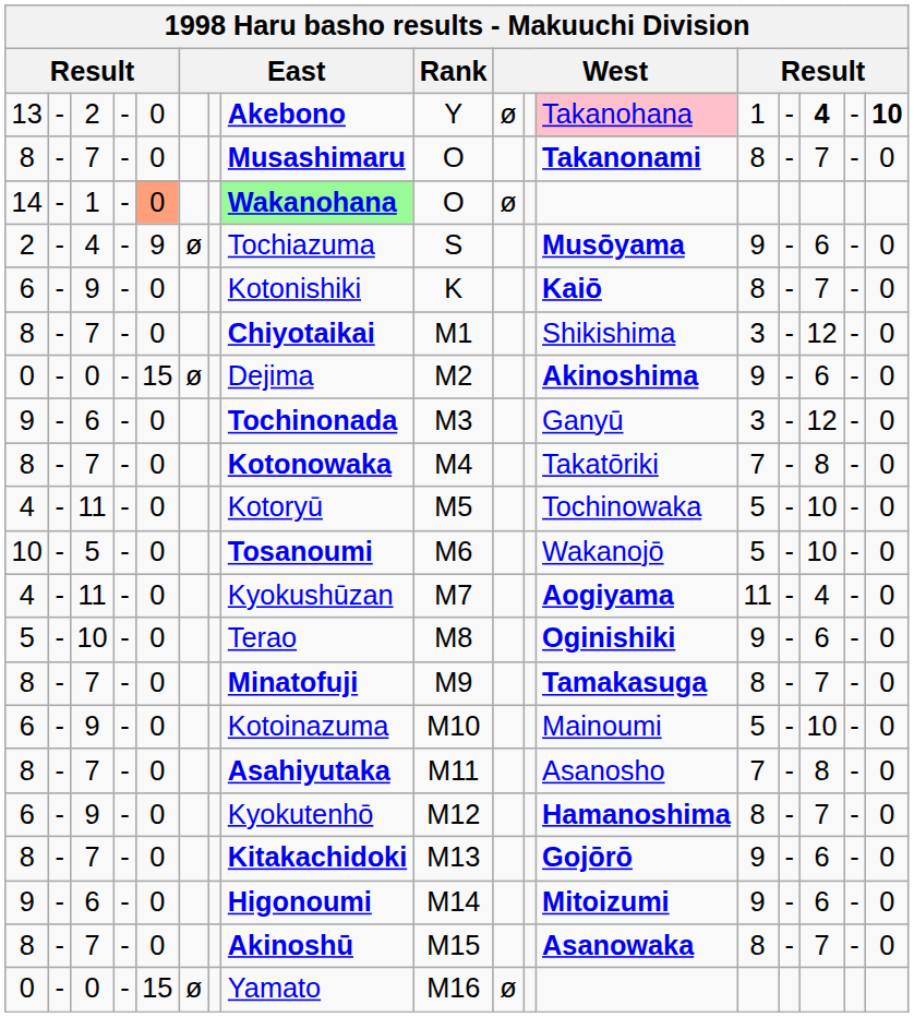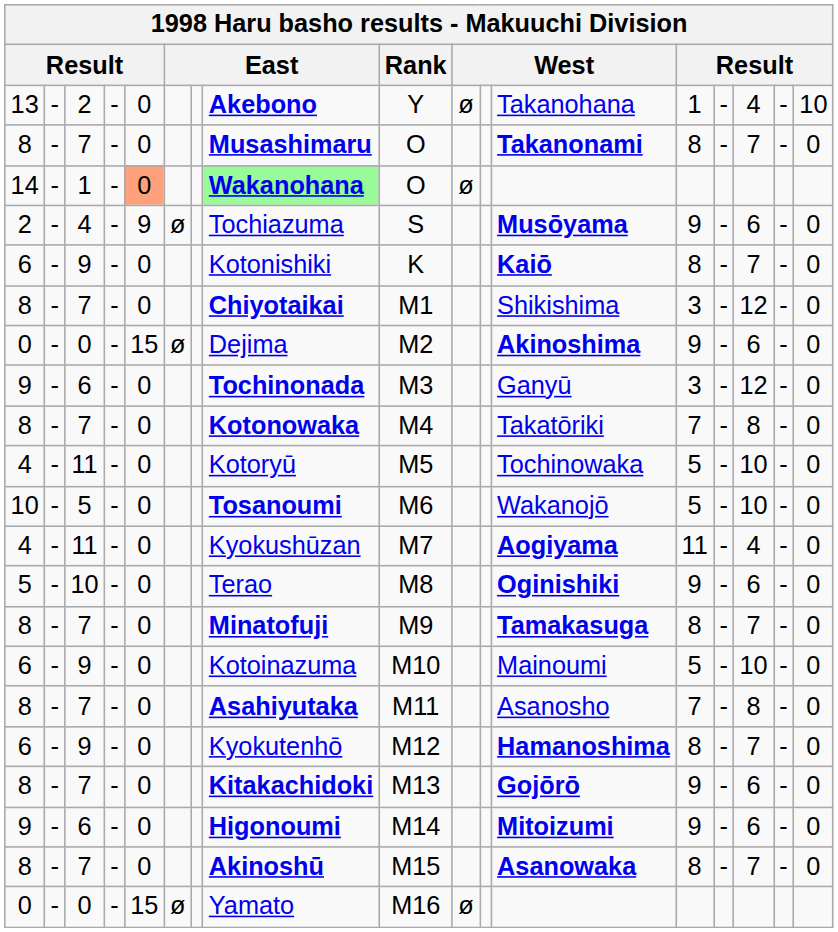 <table class="wikitable">
 <tr>
 <th colspan="17">1998 Haru basho results - Makuuchi Division</th>
 </tr>
 <tr>
 <th colspan="5">Result</th>
 <th colspan="3">East</th>
 <th>Rank</th>
 <th colspan="3">West</th>
 <th colspan="5">Result</th>
 </tr>
 <tr>
 <td align=center>13</td>
 <td align=center>-</td>
 <td align=center>2</td>
 <td align=center>-</td>
 <td align=center>0</td>
 <td align=center></td>
 <td align=center></td>
 <td><strong><a href='#'>Akebono</a></strong></td>
 <td align=center>Y</td>
 <td align=center>ø</td>
 <td align=center></td>
-<td style="background: pink;"><a href='#'>Takanohana</a></td>
+<td><a href='#'>Takanohana</a></td>
 <td align=center>1</td>
 <td align=center>-</td>
-<td align=center><strong>4</strong></td>
+<td align=center>4</td>
 <td align=center>-</td>
-<td align=center><strong>10</strong></td>
+<td align=center>10</td>
 </tr>
 <tr>
 <td align=center>8</td>
 <td align=center>-</td>
 <td align=center>7</td>
 <td align=center>-</td>
 <td align=center>0</td>
 <td align=center></td>
 <td align=center></td>
 <td><strong><a href='#'>Musashimaru</a></strong></td>
 <td align=center>O</td>
 <td align=center></td>
 <td align=center></td>
 <td><strong><a href='#'>Takanonami</a></strong></td>
 <td align=center>8</td>
 <td align=center>-</td>
 <td align=center>7</td>
 <td align=center>-</td>
 <td align=center>0</td>
 </tr>
 <tr>
 <td align=center>14</td>
 <td align=center>-</td>
 <td align=center>1</td>
 <td align=center>-</td>
 <td align=center style="background: lightsalmon;">0</td>
 <td align=center></td>
 <td align=center></td>
 <td style="background: PaleGreen;"><strong><a href='#'>Wakanohana</a></strong></td>
 <td align=center>O</td>
 <td align=center>ø</td>
 <td align=center></td>
 <td></td>
 <td align=center></td>
 <td align=center></td>
 <td align=center></td>
 <td align=center></td>
 <td align=center></td>
 </tr>
 <tr>
 <td align=center>2</td>
 <td align=center>-</td>
 <td align=center>4</td>
 <td align=center>-</td>
 <td align=center>9</td>
 <td align=center>ø</td>
 <td align=center></td>
 <td><a href='#'>Tochiazuma</a></td>
 <td align=center>S</td>
 <td align=center></td>
 <td align=center></td>
 <td><strong><a href='#'>Musōyama</a></strong></td>
 <td align=center>9</td>
 <td align=center>-</td>
 <td align=center>6</td>
 <td align=center>-</td>
 <td align=center>0</td>
 </tr>
 <tr>
 <td align=center>6</td>
 <td align=center>-</td>
 <td align=center>9</td>
 <td align=center>-</td>
 <td align=center>0</td>
 <td align=center></td>
 <td align=center></td>
 <td><a href='#'>Kotonishiki</a></td>
 <td align=center>K</td>
 <td align=center></td>
 <td align=center></td>
 <td><strong><a href='#'>Kaiō</a></strong></td>
 <td align=center>8</td>
 <td align=center>-</td>
 <td align=center>7</td>
 <td align=center>-</td>
 <td align=center>0</td>
 </tr>
 <tr>
 <td align=center>8</td>
 <td align=center>-</td>
 <td align=center>7</td>
 <td align=center>-</td>
 <td align=center>0</td>
 <td align=center></td>
 <td align=center></td>
 <td><strong><a href='#'>Chiyotaikai</a></strong></td>
 <td align=center>M1</td>
 <td align=center></td>
 <td align=center></td>
 <td><a href='#'>Shikishima</a></td>
 <td align=center>3</td>
 <td align=center>-</td>
 <td align=center>12</td>
 <td align=center>-</td>
 <td align=center>0</td>
 </tr>
 <tr>
 <td align=center>0</td>
 <td align=center>-</td>
 <td align=center>0</td>
 <td align=center>-</td>
 <td align=center>15</td>
 <td align=center>ø</td>
 <td align=center></td>
 <td><a href='#'>Dejima</a></td>
 <td align=center>M2</td>
 <td align=center></td>
 <td align=center></td>
 <td><strong><a href='#'>Akinoshima</a></strong></td>
 <td align=center>9</td>
 <td align=center>-</td>
 <td align=center>6</td>
 <td align=center>-</td>
 <td align=center>0</td>
 </tr>
 <tr>
 <td align=center>9</td>
 <td align=center>-</td>
 <td align=center>6</td>
 <td align=center>-</td>
 <td align=center>0</td>
 <td align=center></td>
 <td align=center></td>
 <td><strong><a href='#'>Tochinonada</a></strong></td>
 <td align=center>M3</td>
 <td align=center></td>
 <td align=center></td>
 <td><a href='#'>Ganyū</a></td>
 <td align=center>3</td>
 <td align=center>-</td>
 <td align=center>12</td>
 <td align=center>-</td>
 <td align=center>0</td>
 </tr>
 <tr>
 <td align=center>8</td>
 <td align=center>-</td>
 <td align=center>7</td>
 <td align=center>-</td>
 <td align=center>0</td>
 <td align=center></td>
 <td align=center></td>
 <td><strong><a href='#'>Kotonowaka</a></strong></td>
 <td align=center>M4</td>
 <td align=center></td>
 <td align=center></td>
 <td><a href='#'>Takatōriki</a></td>
 <td align=center>7</td>
 <td align=center>-</td>
 <td align=center>8</td>
 <td align=center>-</td>
 <td align=center>0</td>
 </tr>
 <tr>
 <td align=center>4</td>
 <td align=center>-</td>
 <td align=center>11</td>
 <td align=center>-</td>
 <td align=center>0</td>
 <td align=center></td>
 <td align=center></td>
 <td><a href='#'>Kotoryū</a></td>
 <td align=center>M5</td>
 <td align=center></td>
 <td align=center></td>
 <td><a href='#'>Tochinowaka</a></td>
 <td align=center>5</td>
 <td align=center>-</td>
 <td align=center>10</td>
 <td align=center>-</td>
 <td align=center>0</td>
 </tr>
 <tr>
 <td align=center>10</td>
 <td align=center>-</td>
 <td align=center>5</td>
 <td align=center>-</td>
 <td align=center>0</td>
 <td align=center></td>
 <td align=center></td>
 <td><strong><a href='#'>Tosanoumi</a></strong></td>
 <td align=center>M6</td>
 <td align=center></td>
 <td align=center></td>
 <td><a href='#'>Wakanojō</a></td>
 <td align=center>5</td>
 <td align=center>-</td>
 <td align=center>10</td>
 <td align=center>-</td>
 <td align=center>0</td>
 </tr>
 <tr>
 <td align=center>4</td>
 <td align=center>-</td>
 <td align=center>11</td>
 <td align=center>-</td>
 <td align=center>0</td>
 <td align=center></td>
 <td align=center></td>
 <td><a href='#'>Kyokushūzan</a></td>
 <td align=center>M7</td>
 <td align=center></td>
 <td align=center></td>
 <td><strong><a href='#'>Aogiyama</a></strong></td>
 <td align=center>11</td>
 <td align=center>-</td>
 <td align=center>4</td>
 <td align=center>-</td>
 <td align=center>0</td>
 </tr>
 <tr>
 <td align=center>5</td>
 <td align=center>-</td>
 <td align=center>10</td>
 <td align=center>-</td>
 <td align=center>0</td>
 <td align=center></td>
 <td align=center></td>
 <td><a href='#'>Terao</a></td>
 <td align=center>M8</td>
 <td align=center></td>
 <td align=center></td>
 <td><strong><a href='#'>Oginishiki</a></strong></td>
 <td align=center>9</td>
 <td align=center>-</td>
 <td align=center>6</td>
 <td align=center>-</td>
 <td align=center>0</td>
 </tr>
 <tr>
 <td align=center>8</td>
 <td align=center>-</td>
 <td align=center>7</td>
 <td align=center>-</td>
 <td align=center>0</td>
 <td align=center></td>
 <td align=center></td>
 <td><strong><a href='#'>Minatofuji</a></strong></td>
 <td align=center>M9</td>
 <td align=center></td>
 <td align=center></td>
 <td><strong><a href='#'>Tamakasuga</a></strong></td>
 <td align=center>8</td>
 <td align=center>-</td>
 <td align=center>7</td>
 <td align=center>-</td>
 <td align=center>0</td>
 </tr>
 <tr>
 <td align=center>6</td>
 <td align=center>-</td>
 <td align=center>9</td>
 <td align=center>-</td>
 <td align=center>0</td>
 <td align=center></td>
 <td align=center></td>
 <td><a href='#'>Kotoinazuma</a></td>
 <td align=center>M10</td>
 <td align=center></td>
 <td align=center></td>
 <td><a href='#'>Mainoumi</a></td>
 <td align=center>5</td>
 <td align=center>-</td>
 <td align=center>10</td>
 <td align=center>-</td>
 <td align=center>0</td>
 </tr>
 <tr>
 <td align=center>8</td>
 <td align=center>-</td>
 <td align=center>7</td>
 <td align=center>-</td>
 <td align=center>0</td>
 <td align=center></td>
 <td align=center></td>
 <td><strong><a href='#'>Asahiyutaka</a></strong></td>
 <td align=center>M11</td>
 <td align=center></td>
 <td align=center></td>
 <td><a href='#'>Asanosho</a></td>
 <td align=center>7</td>
 <td align=center>-</td>
 <td align=center>8</td>
 <td align=center>-</td>
 <td align=center>0</td>
 </tr>
 <tr>
 <td align=center>6</td>
 <td align=center>-</td>
 <td align=center>9</td>
 <td align=center>-</td>
 <td align=center>0</td>
 <td align=center></td>
 <td align=center></td>
 <td><a href='#'>Kyokutenhō</a></td>
 <td align=center>M12</td>
 <td align=center></td>
 <td align=center></td>
 <td><strong><a href='#'>Hamanoshima</a></strong></td>
 <td align=center>8</td>
 <td align=center>-</td>
 <td align=center>7</td>
 <td align=center>-</td>
 <td align=center>0</td>
 </tr>
 <tr>
 <td align=center>8</td>
 <td align=center>-</td>
 <td align=center>7</td>
 <td align=center>-</td>
 <td align=center>0</td>
 <td align=center></td>
 <td align=center></td>
 <td><strong><a href='#'>Kitakachidoki</a></strong></td>
 <td align=center>M13</td>
 <td align=center></td>
 <td align=center></td>
 <td><strong><a href='#'>Gojōrō</a></strong></td>
 <td align=center>9</td>
 <td align=center>-</td>
 <td align=center>6</td>
 <td align=center>-</td>
 <td align=center>0</td>
 </tr>
 <tr>
 <td align=center>9</td>
 <td align=center>-</td>
 <td align=center>6</td>
 <td align=center>-</td>
 <td align=center>0</td>
 <td align=center></td>
 <td align=center></td>
 <td><strong><a href='#'>Higonoumi</a></strong></td>
 <td align=center>M14</td>
 <td align=center></td>
 <td align=center></td>
 <td><strong><a href='#'>Mitoizumi</a></strong></td>
 <td align=center>9</td>
 <td align=center>-</td>
 <td align=center>6</td>
 <td align=center>-</td>
 <td align=center>0</td>
 </tr>
 <tr>
 <td align=center>8</td>
 <td align=center>-</td>
 <td align=center>7</td>
 <td align=center>-</td>
 <td align=center>0</td>
 <td align=center></td>
 <td align=center></td>
 <td><strong><a href='#'>Akinoshū</a></strong></td>
 <td align=center>M15</td>
 <td align=center></td>
 <td align=center></td>
 <td><strong><a href='#'>Asanowaka</a></strong></td>
 <td align=center>8</td>
 <td align=center>-</td>
 <td align=center>7</td>
 <td align=center>-</td>
 <td align=center>0</td>
 </tr>
 <tr>
 <td align=center>0</td>
 <td align=center>-</td>
 <td align=center>0</td>
 <td align=center>-</td>
 <td align=center>15</td>
 <td align=center>ø</td>
 <td align=center></td>
 <td><a href='#'>Yamato</a></td>
 <td align=center>M16</td>
 <td align=center>ø</td>
 <td align=center></td>
 <td></td>
 <td align=center></td>
 <td align=center></td>
 <td align=center></td>
 <td align=center></td>
 <td align=center></td>
 </tr>
 </table>
